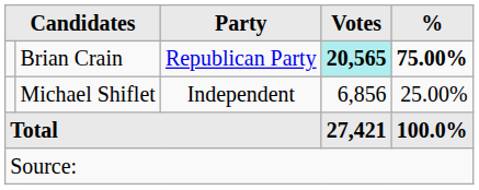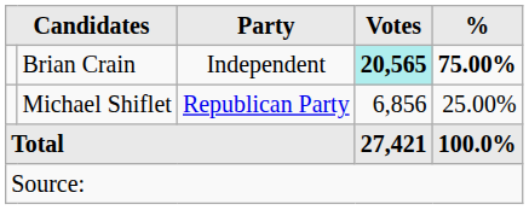 <table class=wikitable style="font-size:95%; text-align:right;">
 <tr>
 <th style="background:#e9e9e9; text-align:center;" colspan="2">Candidates</th>
 <th style="background:#e9e9e9; text-align:center;">Party</th>
 <th style="background:#e9e9e9; text-align:center;">Votes</th>
 <th style="background:#e9e9e9; text-align:center;">%</th>
 </tr>
 <tr>
 <td></td>
 <td align=left>Brian Crain</td>
-<td align=center><a href='#'>Republican Party</a></td>
+<td align=center>Independent</td>
 <td style="background: paleturquoise;"><strong>20,565</strong></td>
 <td><strong>75.00%</strong></td>
 </tr>
 <tr>
 <td></td>
 <td align=left>Michael Shiflet</td>
-<td align=center>Independent</td>
+<td align=center><a href='#'>Republican Party</a></td>
 <td>6,856</td>
 <td>25.00%</td>
 </tr>
 <tr style="background:#e9e9e9;">
 <td colspan="3" style="text-align:left; "><strong>Total</strong></td>
 <td><strong>27,421</strong></td>
 <td><strong>100.0%</strong></td>
 </tr>
 <tr>
 <td style="text-align:left;" colspan="6">Source: </td>
 </tr>
 </table>
